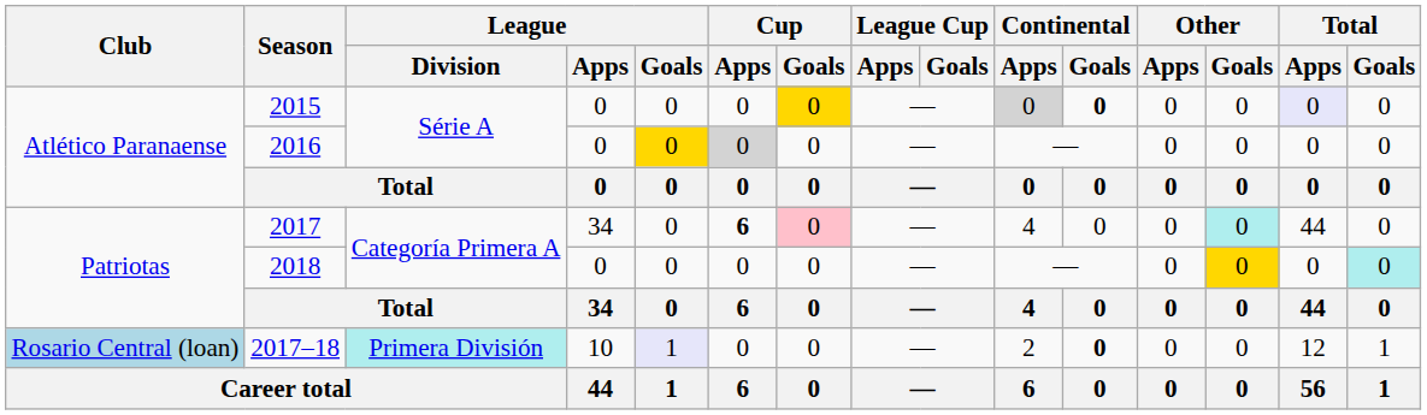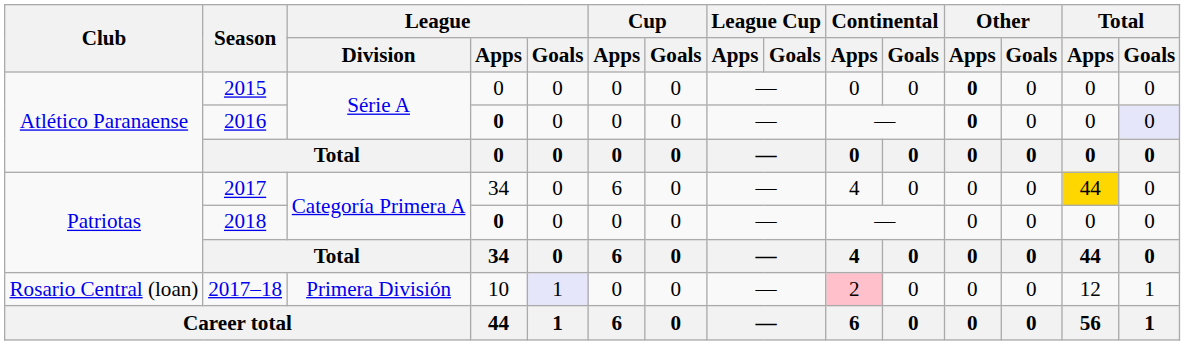 <table class="wikitable" style="text-align:center">
 <tr>
 <th rowspan="2">Club</th>
 <th rowspan="2">Season</th>
 <th colspan="3">League</th>
 <th colspan="2">Cup</th>
 <th colspan="2">League Cup</th>
 <th colspan="2">Continental</th>
 <th colspan="2">Other</th>
 <th colspan="2">Total</th>
 </tr>
 <tr>
 <th>Division</th>
 <th>Apps</th>
 <th>Goals</th>
 <th>Apps</th>
 <th>Goals</th>
 <th>Apps</th>
 <th>Goals</th>
 <th>Apps</th>
 <th>Goals</th>
 <th>Apps</th>
 <th>Goals</th>
 <th>Apps</th>
 <th>Goals</th>
 </tr>
 <tr>
 <td rowspan="3"><a href='#'>Atlético Paranaense</a></td>
 <td><a href='#'>2015</a></td>
 <td rowspan="2"><a href='#'>Série A</a></td>
 <td>0</td>
 <td>0</td>
 <td>0</td>
-<td style="background: gold;">0</td>
+<td>0</td>
 <td colspan="2">—</td>
-<td style="background: lightgrey;">0</td>
+<td>0</td>
+<td>0</td>
+<td><strong>0</strong></td>
+<td>0</td>
+<td>0</td>
+<td>0</td>
+</tr>
+<tr>
+<td><a href='#'>2016</a></td>
+<td><strong>0</strong></td>
+<td>0</td>
+<td>0</td>
+<td>0</td>
+<td colspan="2">—</td>
+<td colspan="2">—</td>
 <td><strong>0</strong></td>
 <td>0</td>
 <td>0</td>
 <td style="background: lavender;">0</td>
-<td>0</td>
-</tr>
-<tr>
-<td><a href='#'>2016</a></td>
-<td>0</td>
-<td style="background: gold;">0</td>
-<td style="background: lightgrey;">0</td>
-<td>0</td>
-<td colspan="2">—</td>
-<td colspan="2">—</td>
-<td>0</td>
-<td>0</td>
-<td>0</td>
-<td>0</td>
 </tr>
 <tr>
 <th colspan="2">Total</th>
 <th>0</th>
 <th>0</th>
 <th>0</th>
 <th>0</th>
 <th colspan="2">—</th>
 <th>0</th>
 <th>0</th>
 <th>0</th>
 <th>0</th>
 <th>0</th>
 <th>0</th>
 </tr>
 <tr>
 <td rowspan="3"><a href='#'>Patriotas</a></td>
 <td><a href='#'>2017</a></td>
 <td rowspan="2"><a href='#'>Categoría Primera A</a></td>
 <td>34</td>
 <td>0</td>
-<td><strong>6</strong></td>
-<td style="background: pink;">0</td>
+<td>6</td>
+<td>0</td>
 <td colspan="2">—</td>
 <td>4</td>
 <td>0</td>
 <td>0</td>
-<td style="background: paleturquoise;">0</td>
-<td>44</td>
+<td>0</td>
+<td style="background: gold;">44</td>
 <td>0</td>
 </tr>
 <tr>
 <td><a href='#'>2018</a></td>
-<td>0</td>
+<td><strong>0</strong></td>
 <td>0</td>
 <td>0</td>
 <td>0</td>
 <td colspan="2">—</td>
 <td colspan="2">—</td>
 <td>0</td>
-<td style="background: gold;">0</td>
 <td>0</td>
-<td style="background: paleturquoise;">0</td>
+<td>0</td>
+<td>0</td>
 </tr>
 <tr>
 <th colspan="2">Total</th>
 <th>34</th>
 <th>0</th>
 <th>6</th>
 <th>0</th>
 <th colspan="2">—</th>
 <th>4</th>
 <th>0</th>
 <th>0</th>
 <th>0</th>
 <th>44</th>
 <th>0</th>
 </tr>
 <tr>
-<td rowspan="1" style="background: lightblue;"><a href='#'>Rosario Central</a> (loan)</td>
+<td rowspan="1"><a href='#'>Rosario Central</a> (loan)</td>
 <td><a href='#'>2017–18</a></td>
-<td rowspan="1" style="background: paleturquoise;"><a href='#'>Primera División</a></td>
+<td rowspan="1"><a href='#'>Primera División</a></td>
 <td>10</td>
 <td style="background: lavender;">1</td>
 <td>0</td>
 <td>0</td>
 <td colspan="2">—</td>
-<td>2</td>
-<td><strong>0</strong></td>
+<td style="background: pink;">2</td>
+<td>0</td>
 <td>0</td>
 <td>0</td>
 <td>12</td>
 <td>1</td>
 </tr>
 <tr>
 <th colspan="3">Career total</th>
 <th>44</th>
 <th>1</th>
 <th>6</th>
 <th>0</th>
 <th colspan="2">—</th>
 <th>6</th>
 <th>0</th>
 <th>0</th>
 <th>0</th>
 <th>56</th>
 <th>1</th>
 </tr>
 </table>
